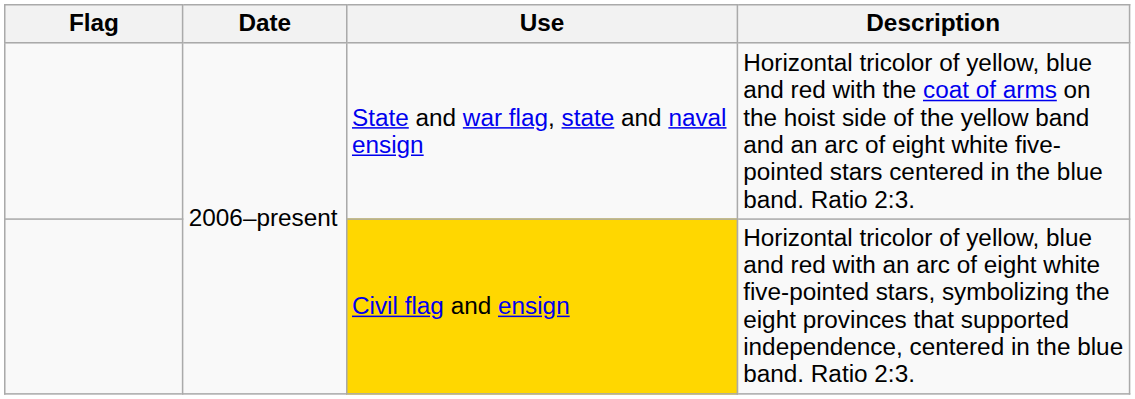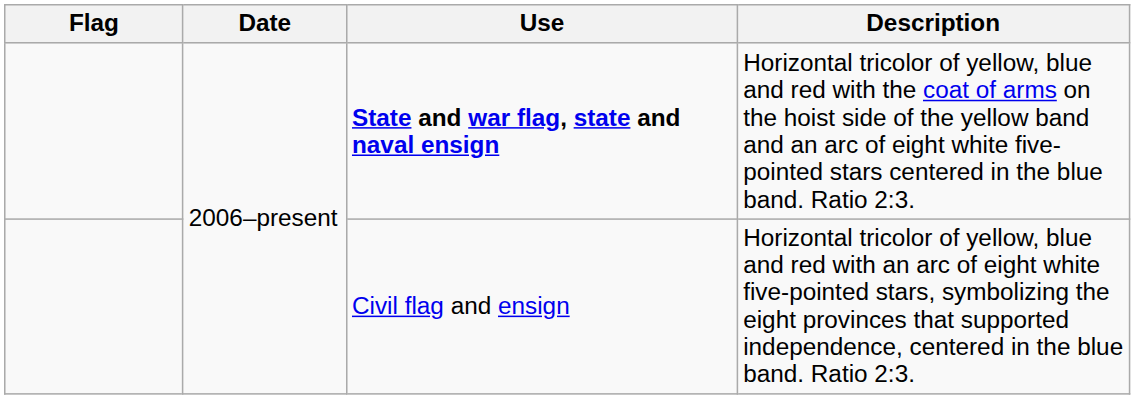 <table class="wikitable">
 <tr>
 <th style="width:110px;">Flag</th>
 <th style="width:100px;">Date</th>
 <th style="width:250px;">Use</th>
 <th style="width:250px;">Description</th>
 </tr>
 <tr>
 <td></td>
 <td rowspan="2">2006–present</td>
-<td><a href='#'>State</a> and <a href='#'>war flag</a>, <a href='#'>state</a> and <a href='#'>naval ensign</a></td>
+<td><strong><a href='#'>State</a> and <a href='#'>war flag</a>, <a href='#'>state</a> and <a href='#'>naval ensign</a></strong></td>
 <td>Horizontal tricolor of yellow, blue and red with the <a href='#'>coat of arms</a> on the hoist side of the yellow band and an arc of eight white five-pointed stars centered in the blue band. Ratio 2:3.</td>
 </tr>
 <tr>
 <td></td>
-<td style="background: gold;"><a href='#'>Civil flag</a> and <a href='#'>ensign</a></td>
+<td><a href='#'>Civil flag</a> and <a href='#'>ensign</a></td>
 <td>Horizontal tricolor of yellow, blue and red with an arc of eight white five-pointed stars, symbolizing the eight provinces that supported independence, centered in the blue band. Ratio 2:3.</td>
 </tr>
 </table>
